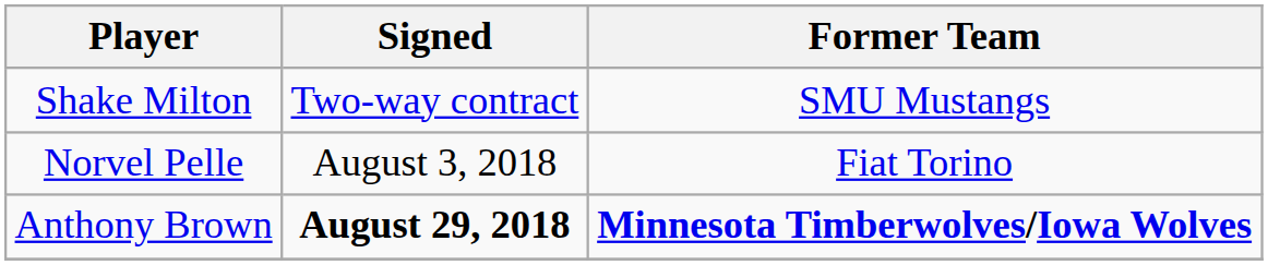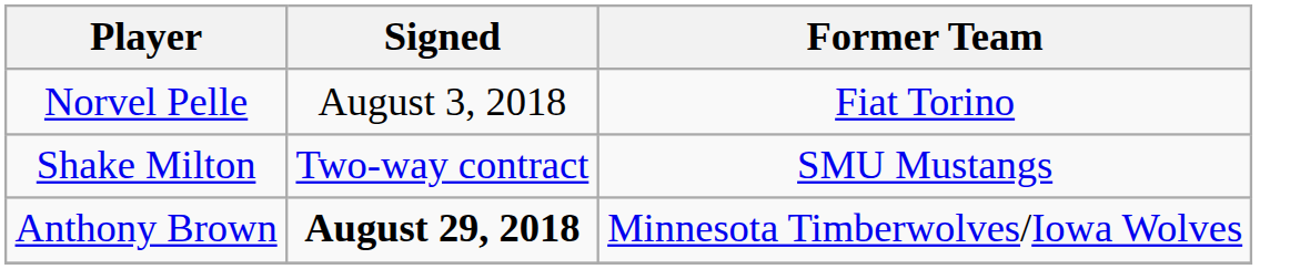 <table class="wikitable sortable sortable" style="text-align: center;">
 <tr>
 <th>Player</th>
 <th>Signed</th>
 <th>Former Team</th>
 </tr>
 <tr>
+<td><a href='#'>Norvel Pelle</a></td>
+<td>August 3, 2018</td>
+<td> <a href='#'>Fiat Torino</a></td>
+</tr>
+<tr>
 <td><a href='#'>Shake Milton</a></td>
 <td><a href='#'>Two-way contract</a></td>
 <td><a href='#'>SMU Mustangs</a></td>
 </tr>
 <tr>
-<td><a href='#'>Norvel Pelle</a></td>
-<td>August 3, 2018</td>
-<td> <a href='#'>Fiat Torino</a></td>
-</tr>
-<tr>
 <td><a href='#'>Anthony Brown</a></td>
 <td><strong>August 29, 2018</strong></td>
-<td><strong><a href='#'>Minnesota Timberwolves</a>/<a href='#'>Iowa Wolves</a></strong></td>
+<td><a href='#'>Minnesota Timberwolves</a>/<a href='#'>Iowa Wolves</a></td>
 </tr>
 <tr>
 </tr>
 </table>
